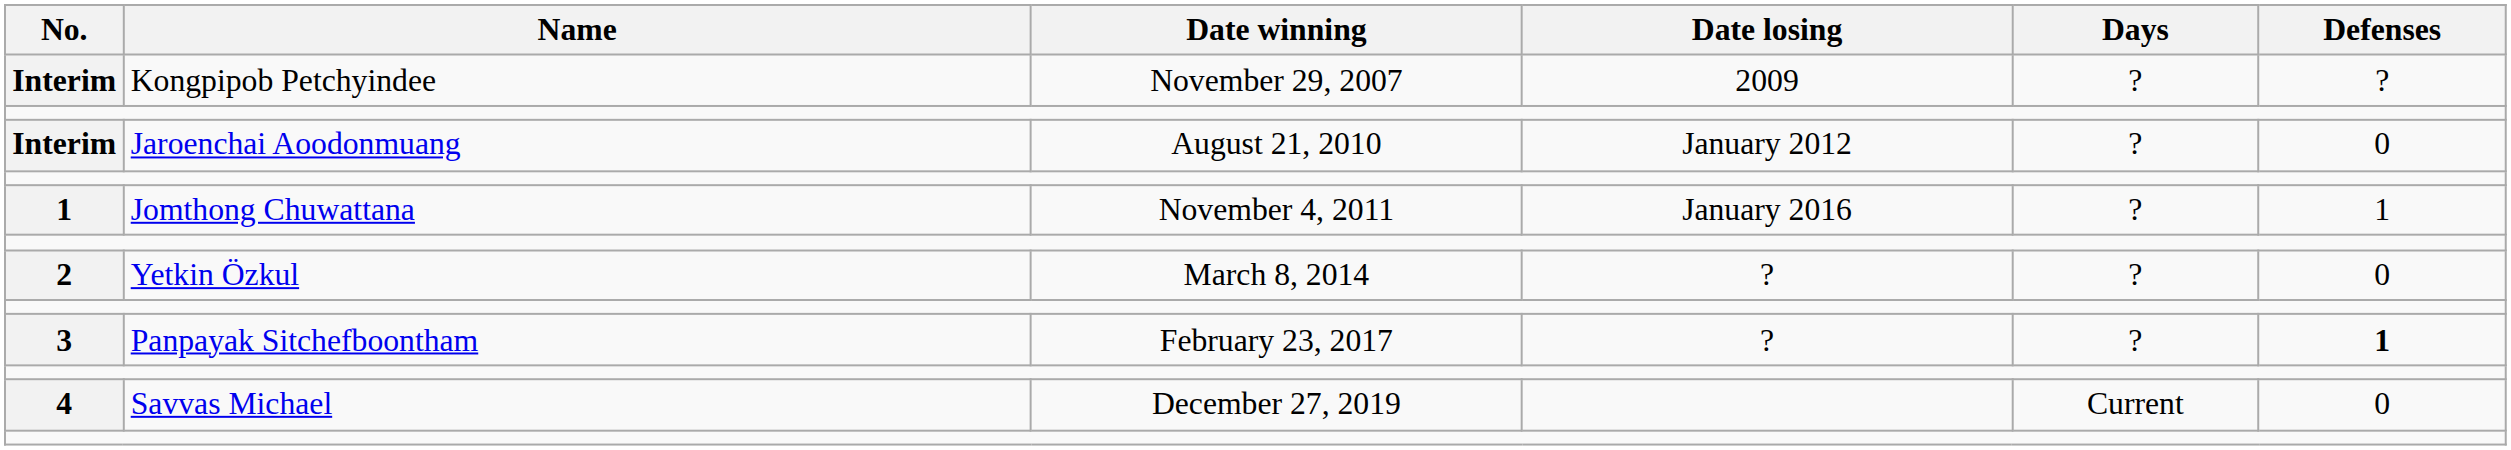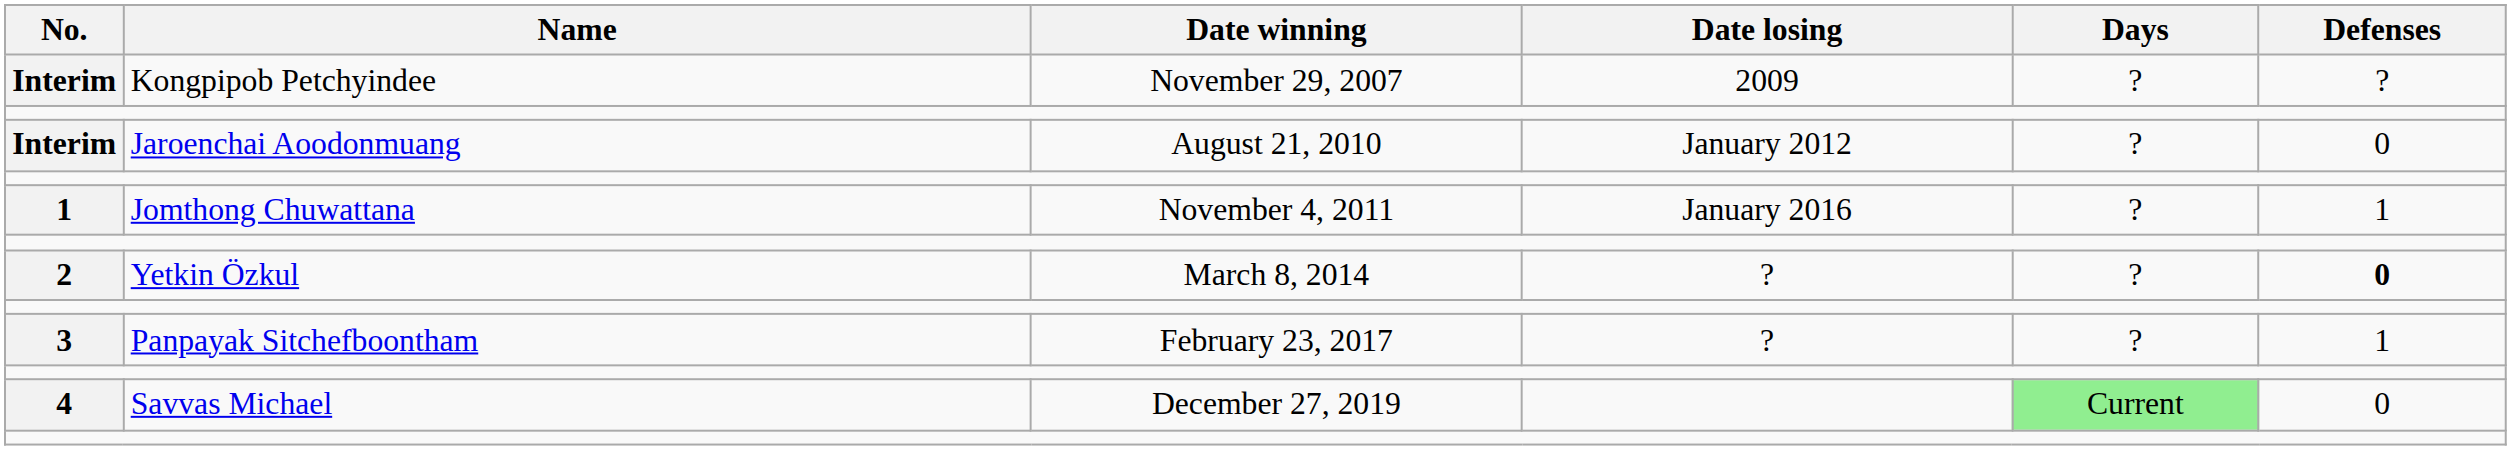 <table class="wikitable" width=100%>
 <tr>
 <th style="width:1%;">No.</th>
 <th style="width:37%;">Name</th>
 <th style="width:20%;">Date winning</th>
 <th style="width:20%;">Date losing</th>
 <th data-sort-type="number" style="width:10%;">Days</th>
 <th data-sort-type="number" style="width:10%;">Defenses</th>
 </tr>
 <tr align=center>
 <th>Interim</th>
 <td align=left> Kongpipob Petchyindee</td>
 <td>November 29, 2007</td>
 <td>2009</td>
 <td>?</td>
 <td>?</td>
 </tr>
 <tr>
 <td colspan="6"></td>
 </tr>
 <tr align=center>
 <th>Interim</th>
 <td align=left> <a href='#'>Jaroenchai Aoodonmuang</a></td>
 <td>August 21, 2010</td>
 <td>January 2012</td>
 <td>?</td>
 <td>0</td>
 </tr>
 <tr>
 <td colspan="6"></td>
 </tr>
 <tr align=center>
 <th>1</th>
 <td align=left> <a href='#'>Jomthong Chuwattana</a></td>
 <td>November 4, 2011</td>
 <td>January 2016</td>
 <td>?</td>
 <td>1</td>
 </tr>
 <tr>
 <td colspan="6"></td>
 </tr>
 <tr align=center>
 <th>2</th>
 <td align=left> <a href='#'>Yetkin Özkul</a></td>
 <td>March 8, 2014</td>
 <td>?</td>
 <td>?</td>
-<td>0</td>
+<td><strong>0</strong></td>
 </tr>
 <tr>
 <td colspan="6"></td>
 </tr>
 <tr align=center>
 <th>3</th>
 <td align=left> <a href='#'>Panpayak Sitchefboontham</a></td>
 <td>February 23, 2017</td>
 <td>?</td>
 <td>?</td>
-<td><strong>1</strong></td>
+<td>1</td>
 </tr>
 <tr>
 <td colspan="6"></td>
 </tr>
 <tr align=center>
 <th>4</th>
 <td align=left> <a href='#'>Savvas Michael</a></td>
 <td>December 27, 2019</td>
 <td></td>
-<td>Current</td>
+<td style="background: lightgreen;">Current</td>
 <td>0</td>
 </tr>
 <tr>
 <td colspan="6"></td>
 </tr>
 </table>
